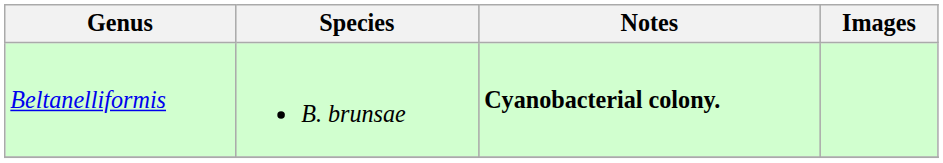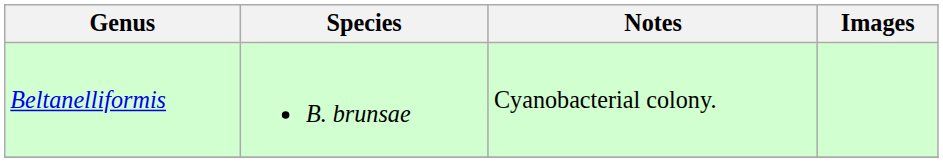 <table class="wikitable" style="width:70%;">
 <tr>
 <th>Genus</th>
 <th>Species</th>
 <th>Notes</th>
 <th>Images</th>
 </tr>
 <tr>
 <td style="background:#D1FFCF;"><em><a href='#'>Beltanelliformis</a></em></td>
 <td style="background:#D1FFCF;"><br><ul><li><em>B. brunsae</em></li></ul></td>
-<td style="background:#D1FFCF;"><strong>Cyanobacterial colony.</strong></td>
+<td style="background:#D1FFCF;">Cyanobacterial colony.</td>
 <td style="background:#D1FFCF;"></td>
 </tr>
 <tr>
 </tr>
 </table>
